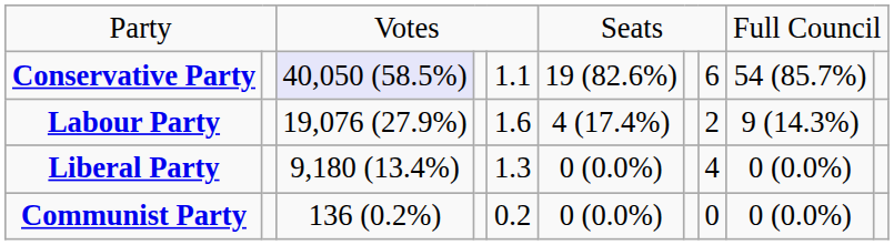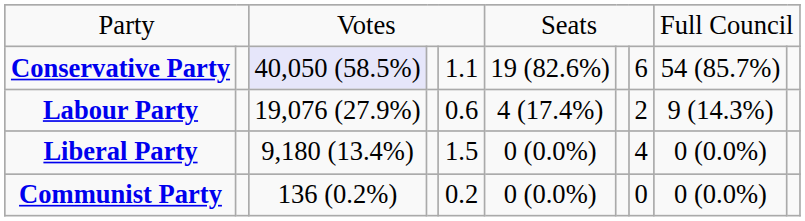 <table class=wikitable style="text-align:center;">
 <tr>
 <td colspan=2>Party</td>
 <td colspan=3>Votes</td>
 <td colspan=3>Seats</td>
 <td colspan=3>Full Council</td>
 </tr>
 <tr>
 <td><strong><a href='#'>Conservative Party</a></strong></td>
 <td style="background:"></td>
 <td style="background: lavender;">40,050 (58.5%)</td>
 <td></td>
 <td> 1.1</td>
 <td>19 (82.6%)</td>
 <td></td>
 <td> 6</td>
 <td>54 (85.7%)</td>
 <td></td>
 </tr>
 <tr>
 <td><strong><a href='#'>Labour Party</a></strong></td>
 <td style="background:"></td>
 <td>19,076 (27.9%)</td>
 <td></td>
-<td> 1.6</td>
+<td> 0.6</td>
 <td>4 (17.4%)</td>
 <td></td>
 <td> 2</td>
 <td>9 (14.3%)</td>
 <td></td>
 </tr>
 <tr>
 <td><strong><a href='#'>Liberal Party</a></strong></td>
 <td style="background:"></td>
 <td>9,180 (13.4%)</td>
 <td></td>
-<td> 1.3</td>
+<td> 1.5</td>
 <td>0  (0.0%)</td>
 <td></td>
 <td> 4</td>
 <td>0 (0.0%)</td>
 <td></td>
 </tr>
 <tr>
 <td><strong><a href='#'>Communist Party</a></strong></td>
 <td style="background:"></td>
 <td>136 (0.2%)</td>
 <td></td>
 <td> 0.2</td>
 <td>0  (0.0%)</td>
 <td></td>
 <td> 0</td>
 <td>0 (0.0%)</td>
 <td></td>
 </tr>
 </table>
